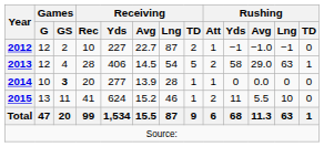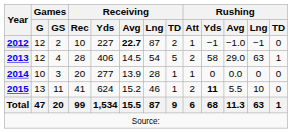 <table class="wikitable" style="text-align: center;">
 <tr>
 <th rowspan="2">Year</th>
 <th colspan="2">Games</th>
 <th colspan="5">Receiving</th>
 <th colspan="5">Rushing</th>
 </tr>
 <tr>
 <th>G</th>
 <th>GS</th>
 <th>Rec</th>
 <th>Yds</th>
 <th>Avg</th>
 <th>Lng</th>
 <th>TD</th>
 <th>Att</th>
 <th>Yds</th>
 <th>Avg</th>
 <th>Lng</th>
 <th>TD</th>
 </tr>
 <tr>
 <th><a href='#'>2012</a></th>
 <td>12</td>
 <td>2</td>
 <td>10</td>
 <td>227</td>
-<td>22.7</td>
+<td><strong>22.7</strong></td>
 <td>87</td>
 <td>2</td>
 <td>1</td>
 <td>−1</td>
 <td>−1.0</td>
 <td>−1</td>
 <td>0</td>
 </tr>
 <tr>
 <th><a href='#'>2013</a></th>
 <td>12</td>
 <td>4</td>
 <td>28</td>
 <td>406</td>
 <td>14.5</td>
 <td>54</td>
 <td>5</td>
 <td>2</td>
 <td>58</td>
 <td>29.0</td>
 <td>63</td>
 <td>1</td>
 </tr>
 <tr>
 <th><a href='#'>2014</a></th>
 <td>10</td>
-<td><strong>3</strong></td>
+<td>3</td>
 <td>20</td>
 <td>277</td>
 <td>13.9</td>
 <td>28</td>
 <td>1</td>
 <td>1</td>
 <td>0</td>
 <td>0.0</td>
 <td>0</td>
 <td>0</td>
 </tr>
 <tr>
 <th><a href='#'>2015</a></th>
 <td>13</td>
 <td>11</td>
 <td>41</td>
 <td>624</td>
 <td>15.2</td>
 <td>46</td>
 <td>1</td>
 <td>2</td>
-<td>11</td>
+<td><strong>11</strong></td>
 <td>5.5</td>
 <td>10</td>
 <td>0</td>
 </tr>
 <tr>
 <th>Total</th>
 <th>47</th>
 <th>20</th>
 <th>99</th>
 <th>1,534</th>
 <th>15.5</th>
 <th>87</th>
 <th>9</th>
 <th>6</th>
 <th>68</th>
 <th>11.3</th>
 <th>63</th>
 <th>1</th>
 </tr>
 <tr>
 <td colspan="14"><small>Source: </small></td>
 </tr>
 </table>
